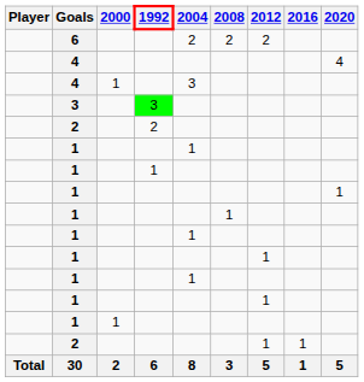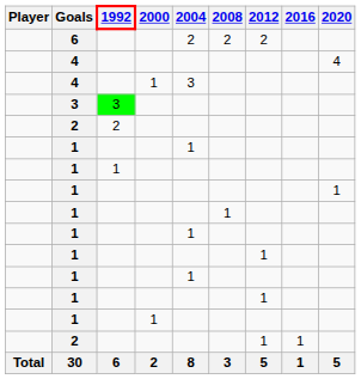 <table class="wikitable sortable" style="text-align:center;">
 <tr>
 <th>Player</th>
 <th>Goals</th>
+<th style="border:3px solid red"><a href='#'>1992</a></th>
 <th><a href='#'>2000</a></th>
-<th style="border:3px solid red"><a href='#'>1992</a></th>
 <th><a href='#'>2004</a></th>
 <th><a href='#'>2008</a></th>
 <th><a href='#'>2012</a></th>
 <th><a href='#'>2016</a></th>
 <th><a href='#'>2020</a></th>
 </tr>
 <tr>
 <td align="left"></td>
 <th>6</th>
 <td></td>
 <td></td>
 <td>2</td>
 <td>2</td>
 <td>2</td>
 <td></td>
 <td></td>
 </tr>
 <tr>
 <td align="left"></td>
 <th>4</th>
 <td></td>
 <td></td>
 <td></td>
 <td></td>
 <td></td>
 <td></td>
 <td>4</td>
 </tr>
 <tr>
 <td align="left"></td>
 <th>4</th>
+<td></td>
 <td>1</td>
-<td></td>
 <td>3</td>
 <td></td>
 <td></td>
 <td></td>
 <td></td>
 </tr>
 <tr>
 <td align="left"></td>
 <th>3</th>
+<td style="background:#00FF00">3</td>
 <td></td>
-<td style="background:#00FF00">3</td>
 <td></td>
 <td></td>
 <td></td>
 <td></td>
 <td></td>
 </tr>
 <tr>
 <td align="left"></td>
 <th>2</th>
+<td>2</td>
 <td></td>
-<td>2</td>
 <td></td>
 <td></td>
 <td></td>
 <td></td>
 <td></td>
 </tr>
 <tr>
 <td align="left"></td>
 <th>1</th>
 <td></td>
 <td></td>
 <td>1</td>
 <td></td>
 <td></td>
 <td></td>
 <td></td>
 </tr>
 <tr>
 <td align="left"></td>
 <th>1</th>
+<td>1</td>
 <td></td>
-<td>1</td>
 <td></td>
 <td></td>
 <td></td>
 <td></td>
 <td></td>
 </tr>
 <tr>
 <td align="left"></td>
 <th>1</th>
 <td></td>
 <td></td>
 <td></td>
 <td></td>
 <td></td>
 <td></td>
 <td>1</td>
 </tr>
 <tr>
 <td align="left"></td>
 <th>1</th>
 <td></td>
 <td></td>
 <td></td>
 <td>1</td>
 <td></td>
 <td></td>
 <td></td>
 </tr>
 <tr>
 <td align="left"></td>
 <th>1</th>
 <td></td>
 <td></td>
 <td>1</td>
 <td></td>
 <td></td>
 <td></td>
 <td></td>
 </tr>
 <tr>
 <td align="left"></td>
 <th>1</th>
 <td></td>
 <td></td>
 <td></td>
 <td></td>
 <td>1</td>
 <td></td>
 <td></td>
 </tr>
 <tr>
 <td align="left"></td>
 <th>1</th>
 <td></td>
 <td></td>
 <td>1</td>
 <td></td>
 <td></td>
 <td></td>
 <td></td>
 </tr>
 <tr>
 <td align="left"></td>
 <th>1</th>
 <td></td>
 <td></td>
 <td></td>
 <td></td>
 <td>1</td>
 <td></td>
 <td></td>
 </tr>
 <tr>
 <td align="left"></td>
 <th>1</th>
+<td></td>
 <td>1</td>
-<td></td>
 <td></td>
 <td></td>
 <td></td>
 <td></td>
 <td></td>
 </tr>
 <tr>
 <td align="left"></td>
 <th>2</th>
 <td></td>
 <td></td>
 <td></td>
 <td></td>
 <td>1</td>
 <td>1</td>
 <td></td>
 </tr>
 <tr class="sortbottom">
 <th>Total</th>
 <th>30</th>
+<th>6</th>
 <th>2</th>
-<th>6</th>
 <th>8</th>
 <th>3</th>
 <th>5</th>
 <th>1</th>
 <th>5</th>
 </tr>
 </table>
